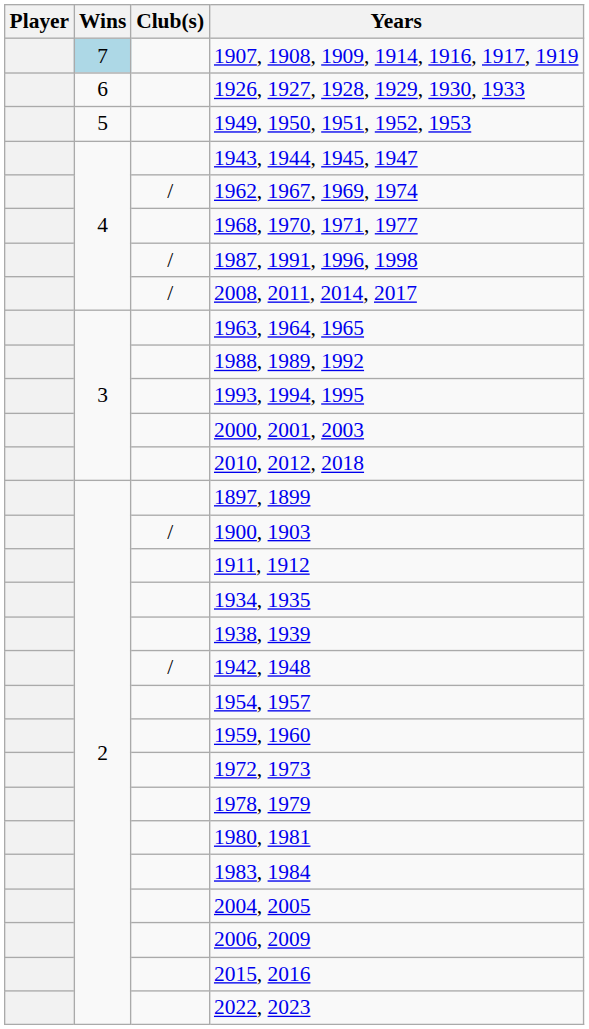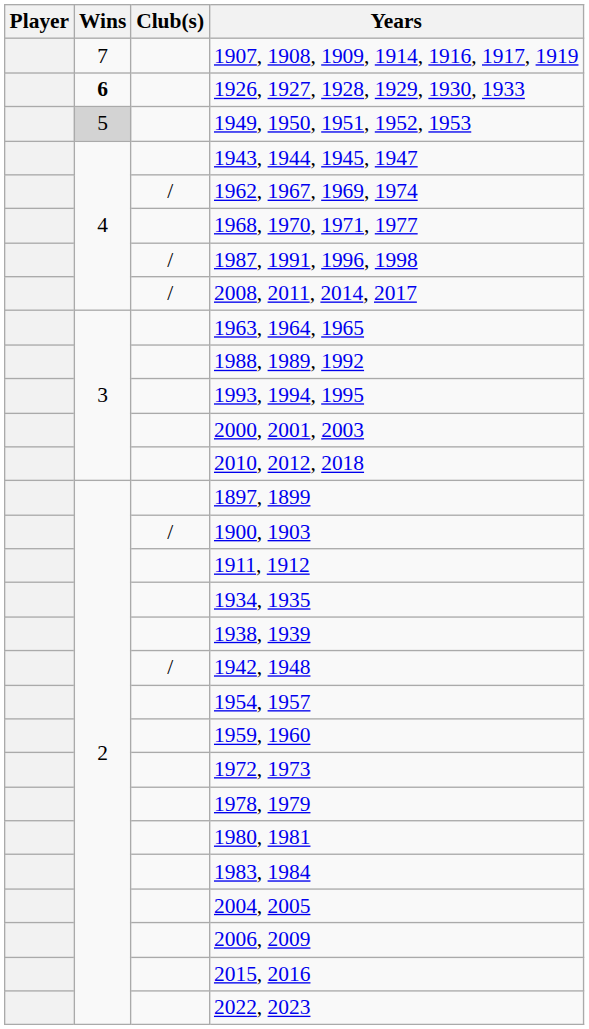 <table class="wikitable sortable plainrowheaders" style="text-align:center;">
 <tr>
 <th scope="col">Player</th>
 <th scope="col">Wins</th>
 <th scope="col">Club(s)</th>
 <th scope="col">Years</th>
 </tr>
 <tr>
 <th scope="row"></th>
-<td style="background: lightblue;">7</td>
+<td>7</td>
 <td></td>
 <td style="text-align:left;"><a href='#'>1907</a>, <a href='#'>1908</a>, <a href='#'>1909</a>, <a href='#'>1914</a>, <a href='#'>1916</a>, <a href='#'>1917</a>, <a href='#'>1919</a></td>
 </tr>
 <tr>
 <th scope="row"></th>
-<td>6</td>
+<td><strong>6</strong></td>
 <td></td>
 <td style="text-align:left;"><a href='#'>1926</a>, <a href='#'>1927</a>, <a href='#'>1928</a>, <a href='#'>1929</a>, <a href='#'>1930</a>, <a href='#'>1933</a></td>
 </tr>
 <tr>
 <th scope="row"></th>
-<td>5</td>
+<td style="background: lightgrey;">5</td>
 <td></td>
 <td style="text-align:left;"><a href='#'>1949</a>, <a href='#'>1950</a>, <a href='#'>1951</a>, <a href='#'>1952</a>, <a href='#'>1953</a></td>
 </tr>
 <tr>
 <th scope="row"></th>
 <td rowspan=5>4</td>
 <td></td>
 <td style="text-align:left;"><a href='#'>1943</a>, <a href='#'>1944</a>, <a href='#'>1945</a>, <a href='#'>1947</a></td>
 </tr>
 <tr>
 <th scope="row"></th>
 <td>/</td>
 <td style="text-align:left;"><a href='#'>1962</a>, <a href='#'>1967</a>, <a href='#'>1969</a>, <a href='#'>1974</a></td>
 </tr>
 <tr>
 <th scope="row"></th>
 <td></td>
 <td style="text-align:left;"><a href='#'>1968</a>, <a href='#'>1970</a>, <a href='#'>1971</a>, <a href='#'>1977</a></td>
 </tr>
 <tr>
 <th scope="row"></th>
 <td>/</td>
 <td style="text-align:left;"><a href='#'>1987</a>, <a href='#'>1991</a>, <a href='#'>1996</a>, <a href='#'>1998</a></td>
 </tr>
 <tr>
 <th scope="row"></th>
 <td>/</td>
 <td style="text-align:left;"><a href='#'>2008</a>, <a href='#'>2011</a>, <a href='#'>2014</a>, <a href='#'>2017</a></td>
 </tr>
 <tr>
 <th scope="row"></th>
 <td rowspan=5>3</td>
 <td></td>
 <td style="text-align:left;"><a href='#'>1963</a>, <a href='#'>1964</a>, <a href='#'>1965</a></td>
 </tr>
 <tr>
 <th scope="row"></th>
 <td></td>
 <td style="text-align:left;"><a href='#'>1988</a>, <a href='#'>1989</a>, <a href='#'>1992</a></td>
 </tr>
 <tr>
 <th scope="row"></th>
 <td></td>
 <td style="text-align:left;"><a href='#'>1993</a>, <a href='#'>1994</a>, <a href='#'>1995</a></td>
 </tr>
 <tr>
 <th scope="row"></th>
 <td></td>
 <td style="text-align:left;"><a href='#'>2000</a>, <a href='#'>2001</a>, <a href='#'>2003</a></td>
 </tr>
 <tr>
 <th scope="row"></th>
 <td></td>
 <td style="text-align:left;"><a href='#'>2010</a>, <a href='#'>2012</a>, <a href='#'>2018</a></td>
 </tr>
 <tr>
 <th scope="row"></th>
 <td rowspan=16>2</td>
 <td></td>
 <td style="text-align:left;"><a href='#'>1897</a>, <a href='#'>1899</a></td>
 </tr>
 <tr>
 <th scope="row"></th>
 <td>/</td>
 <td style="text-align:left;"><a href='#'>1900</a>, <a href='#'>1903</a></td>
 </tr>
 <tr>
 <th scope="row"></th>
 <td></td>
 <td style="text-align:left;"><a href='#'>1911</a>, <a href='#'>1912</a></td>
 </tr>
 <tr>
 <th scope="row"></th>
 <td></td>
 <td style="text-align:left;"><a href='#'>1934</a>, <a href='#'>1935</a></td>
 </tr>
 <tr>
 <th scope="row"></th>
 <td></td>
 <td style="text-align:left;"><a href='#'>1938</a>, <a href='#'>1939</a></td>
 </tr>
 <tr>
 <th scope="row"></th>
 <td>/</td>
 <td style="text-align:left;"><a href='#'>1942</a>, <a href='#'>1948</a></td>
 </tr>
 <tr>
 <th scope="row"></th>
 <td></td>
 <td style="text-align:left;"><a href='#'>1954</a>, <a href='#'>1957</a></td>
 </tr>
 <tr>
 <th scope="row"></th>
 <td></td>
 <td style="text-align:left;"><a href='#'>1959</a>, <a href='#'>1960</a></td>
 </tr>
 <tr>
 <th scope="row"></th>
 <td></td>
 <td style="text-align:left;"><a href='#'>1972</a>, <a href='#'>1973</a></td>
 </tr>
 <tr>
 <th scope="row"></th>
 <td></td>
 <td style="text-align:left;"><a href='#'>1978</a>, <a href='#'>1979</a></td>
 </tr>
 <tr>
 <th scope="row"></th>
 <td></td>
 <td style="text-align:left;"><a href='#'>1980</a>, <a href='#'>1981</a></td>
 </tr>
 <tr>
 <th scope="row"></th>
 <td></td>
 <td style="text-align:left;"><a href='#'>1983</a>, <a href='#'>1984</a></td>
 </tr>
 <tr>
 <th scope="row"></th>
 <td></td>
 <td style="text-align:left;"><a href='#'>2004</a>, <a href='#'>2005</a></td>
 </tr>
 <tr>
 <th scope="row"></th>
 <td></td>
 <td style="text-align:left;"><a href='#'>2006</a>, <a href='#'>2009</a></td>
 </tr>
 <tr>
 <th scope="row"></th>
 <td></td>
 <td style="text-align:left;"><a href='#'>2015</a>, <a href='#'>2016</a></td>
 </tr>
 <tr>
 <th scope="row"><strong></strong></th>
 <td></td>
 <td style="text-align:left;"><a href='#'>2022</a>, <a href='#'>2023</a></td>
 </tr>
 </table>
